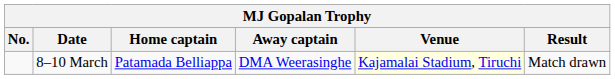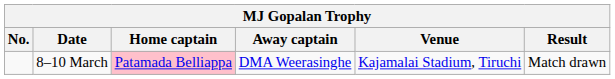 <table class="wikitable">
 <tr>
 <th colspan="9">MJ Gopalan Trophy</th>
 </tr>
 <tr>
 <th>No.</th>
 <th>Date</th>
 <th>Home captain</th>
 <th>Away captain</th>
 <th>Venue</th>
 <th>Result</th>
 </tr>
 <tr>
 <td></td>
 <td>8–10 March</td>
-<td><a href='#'>Patamada Belliappa</a></td>
+<td style="background: pink;"><a href='#'>Patamada Belliappa</a></td>
 <td><a href='#'>DMA Weerasinghe</a></td>
-<td style="background: lightyellow;"><a href='#'>Kajamalai Stadium</a>, <a href='#'>Tiruchi</a></td>
+<td><a href='#'>Kajamalai Stadium</a>, <a href='#'>Tiruchi</a></td>
 <td>Match drawn</td>
 </tr>
 </table>
